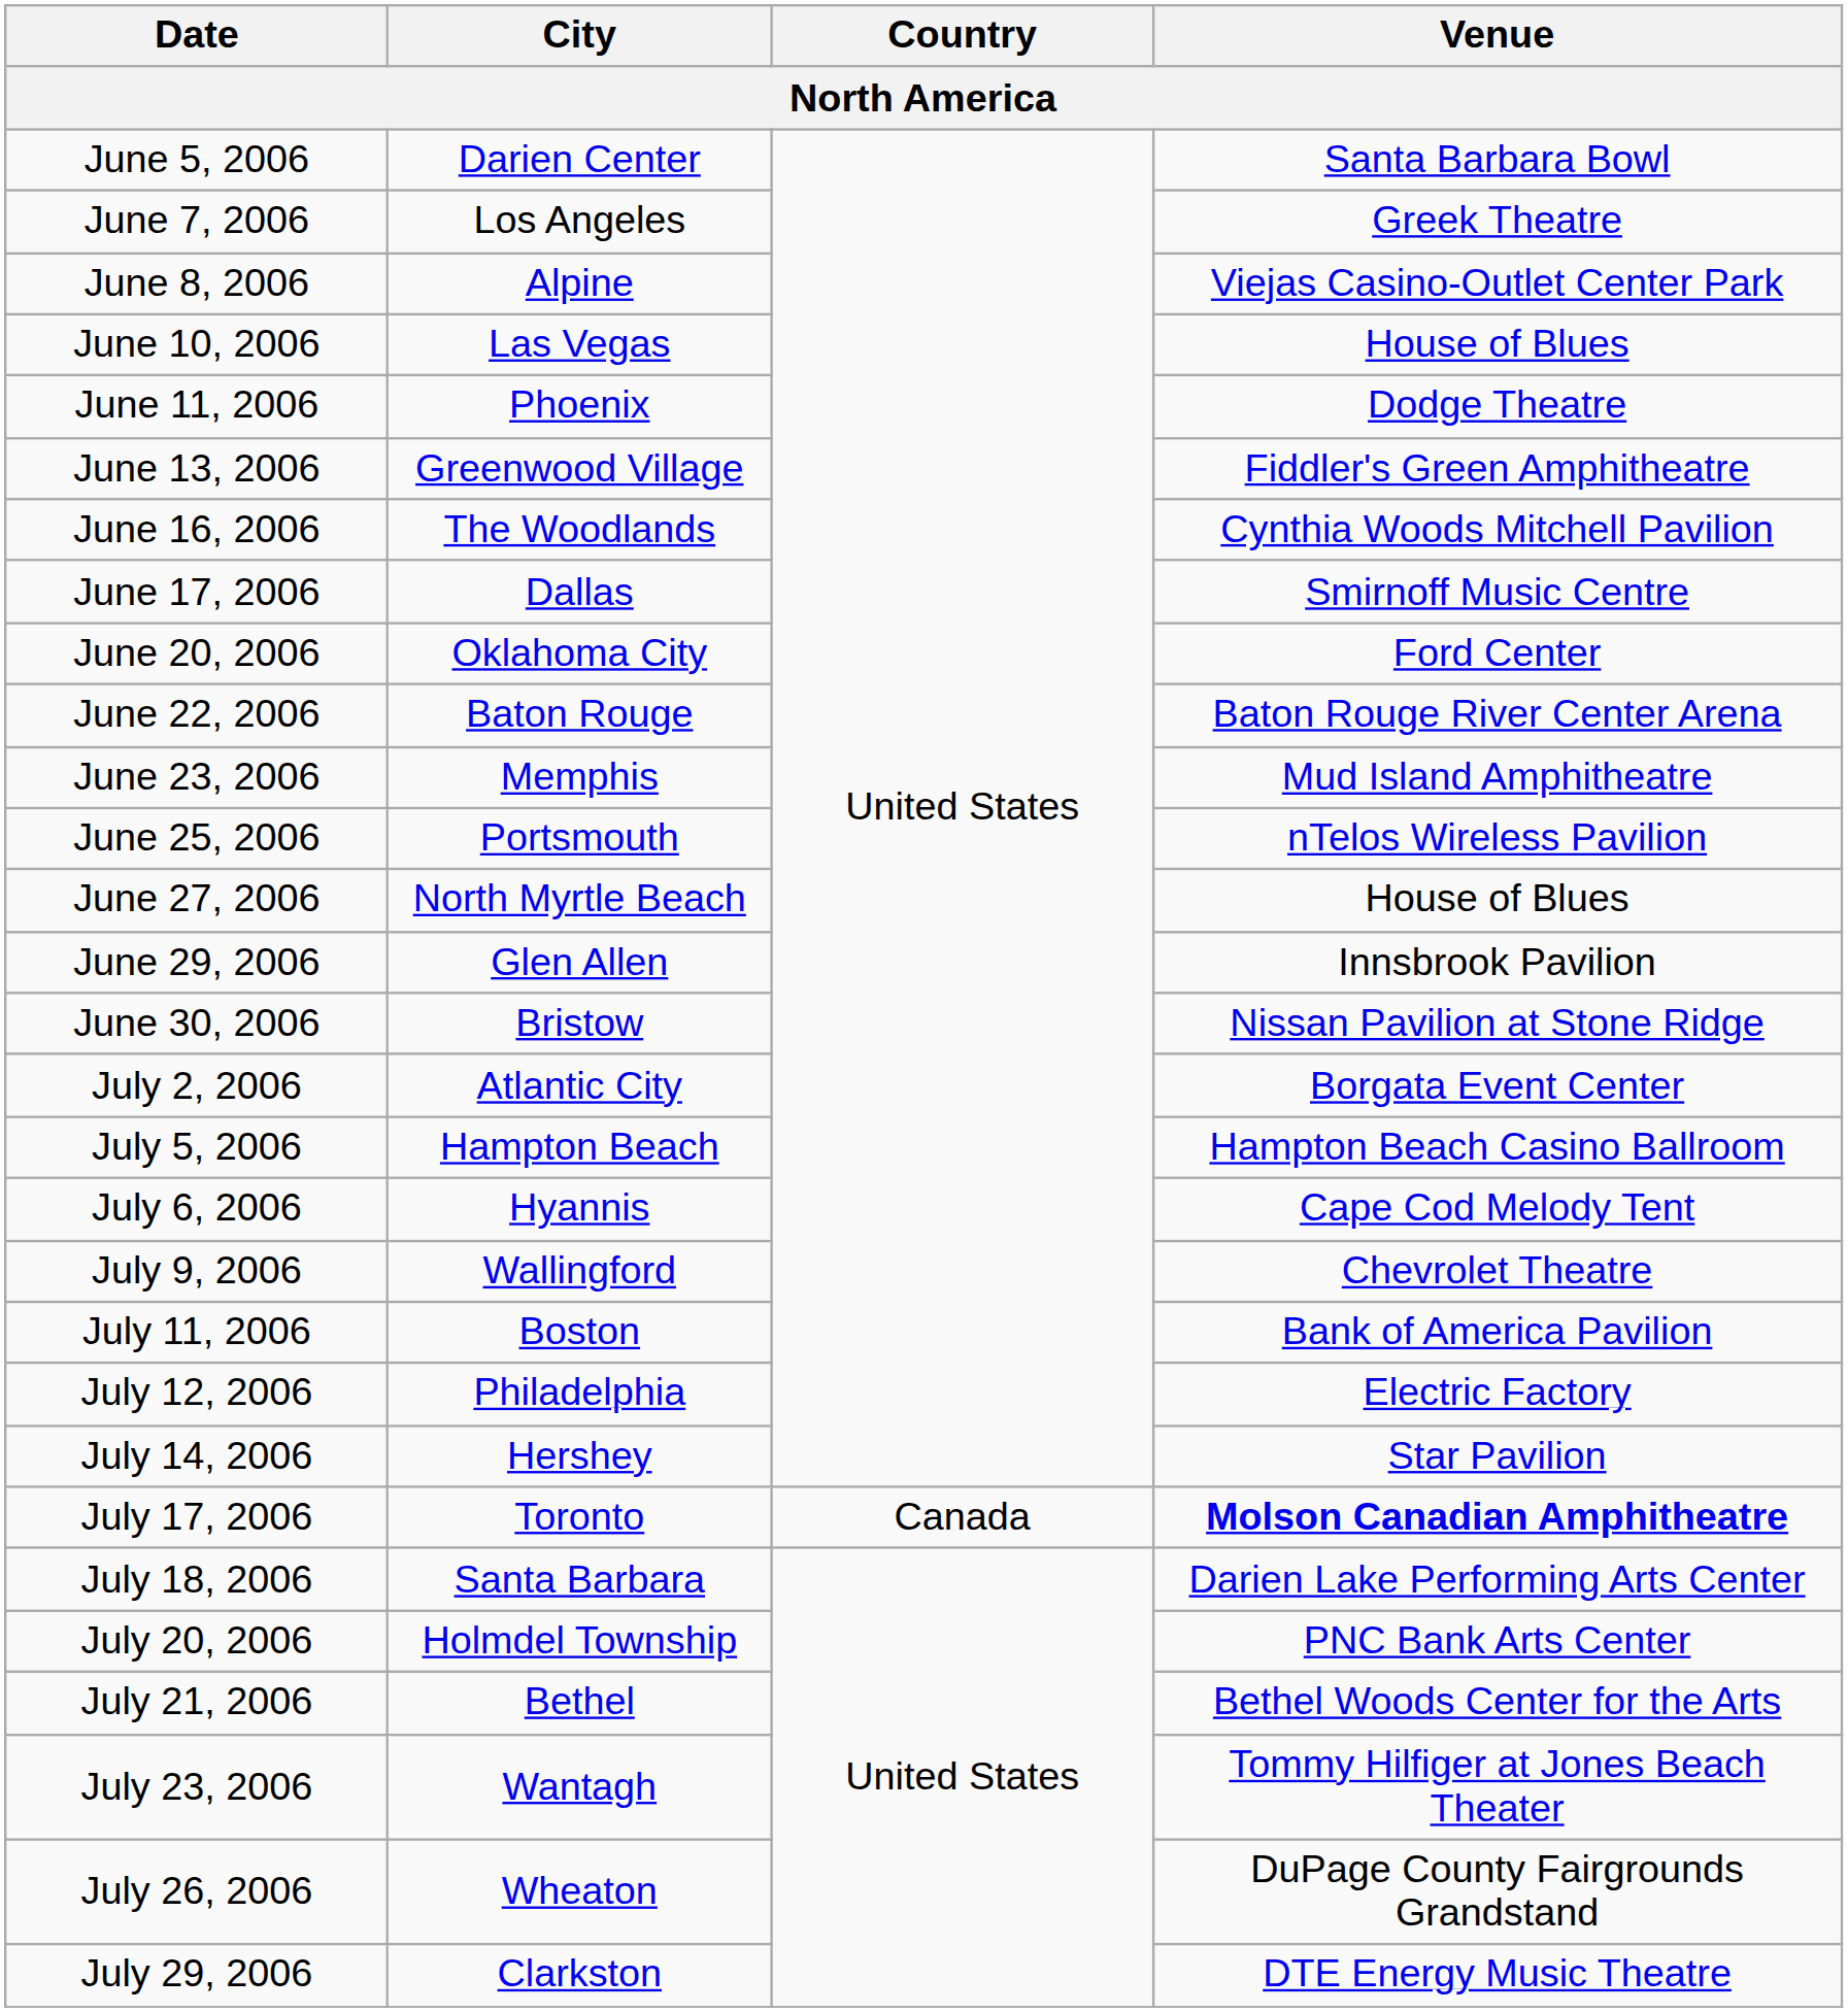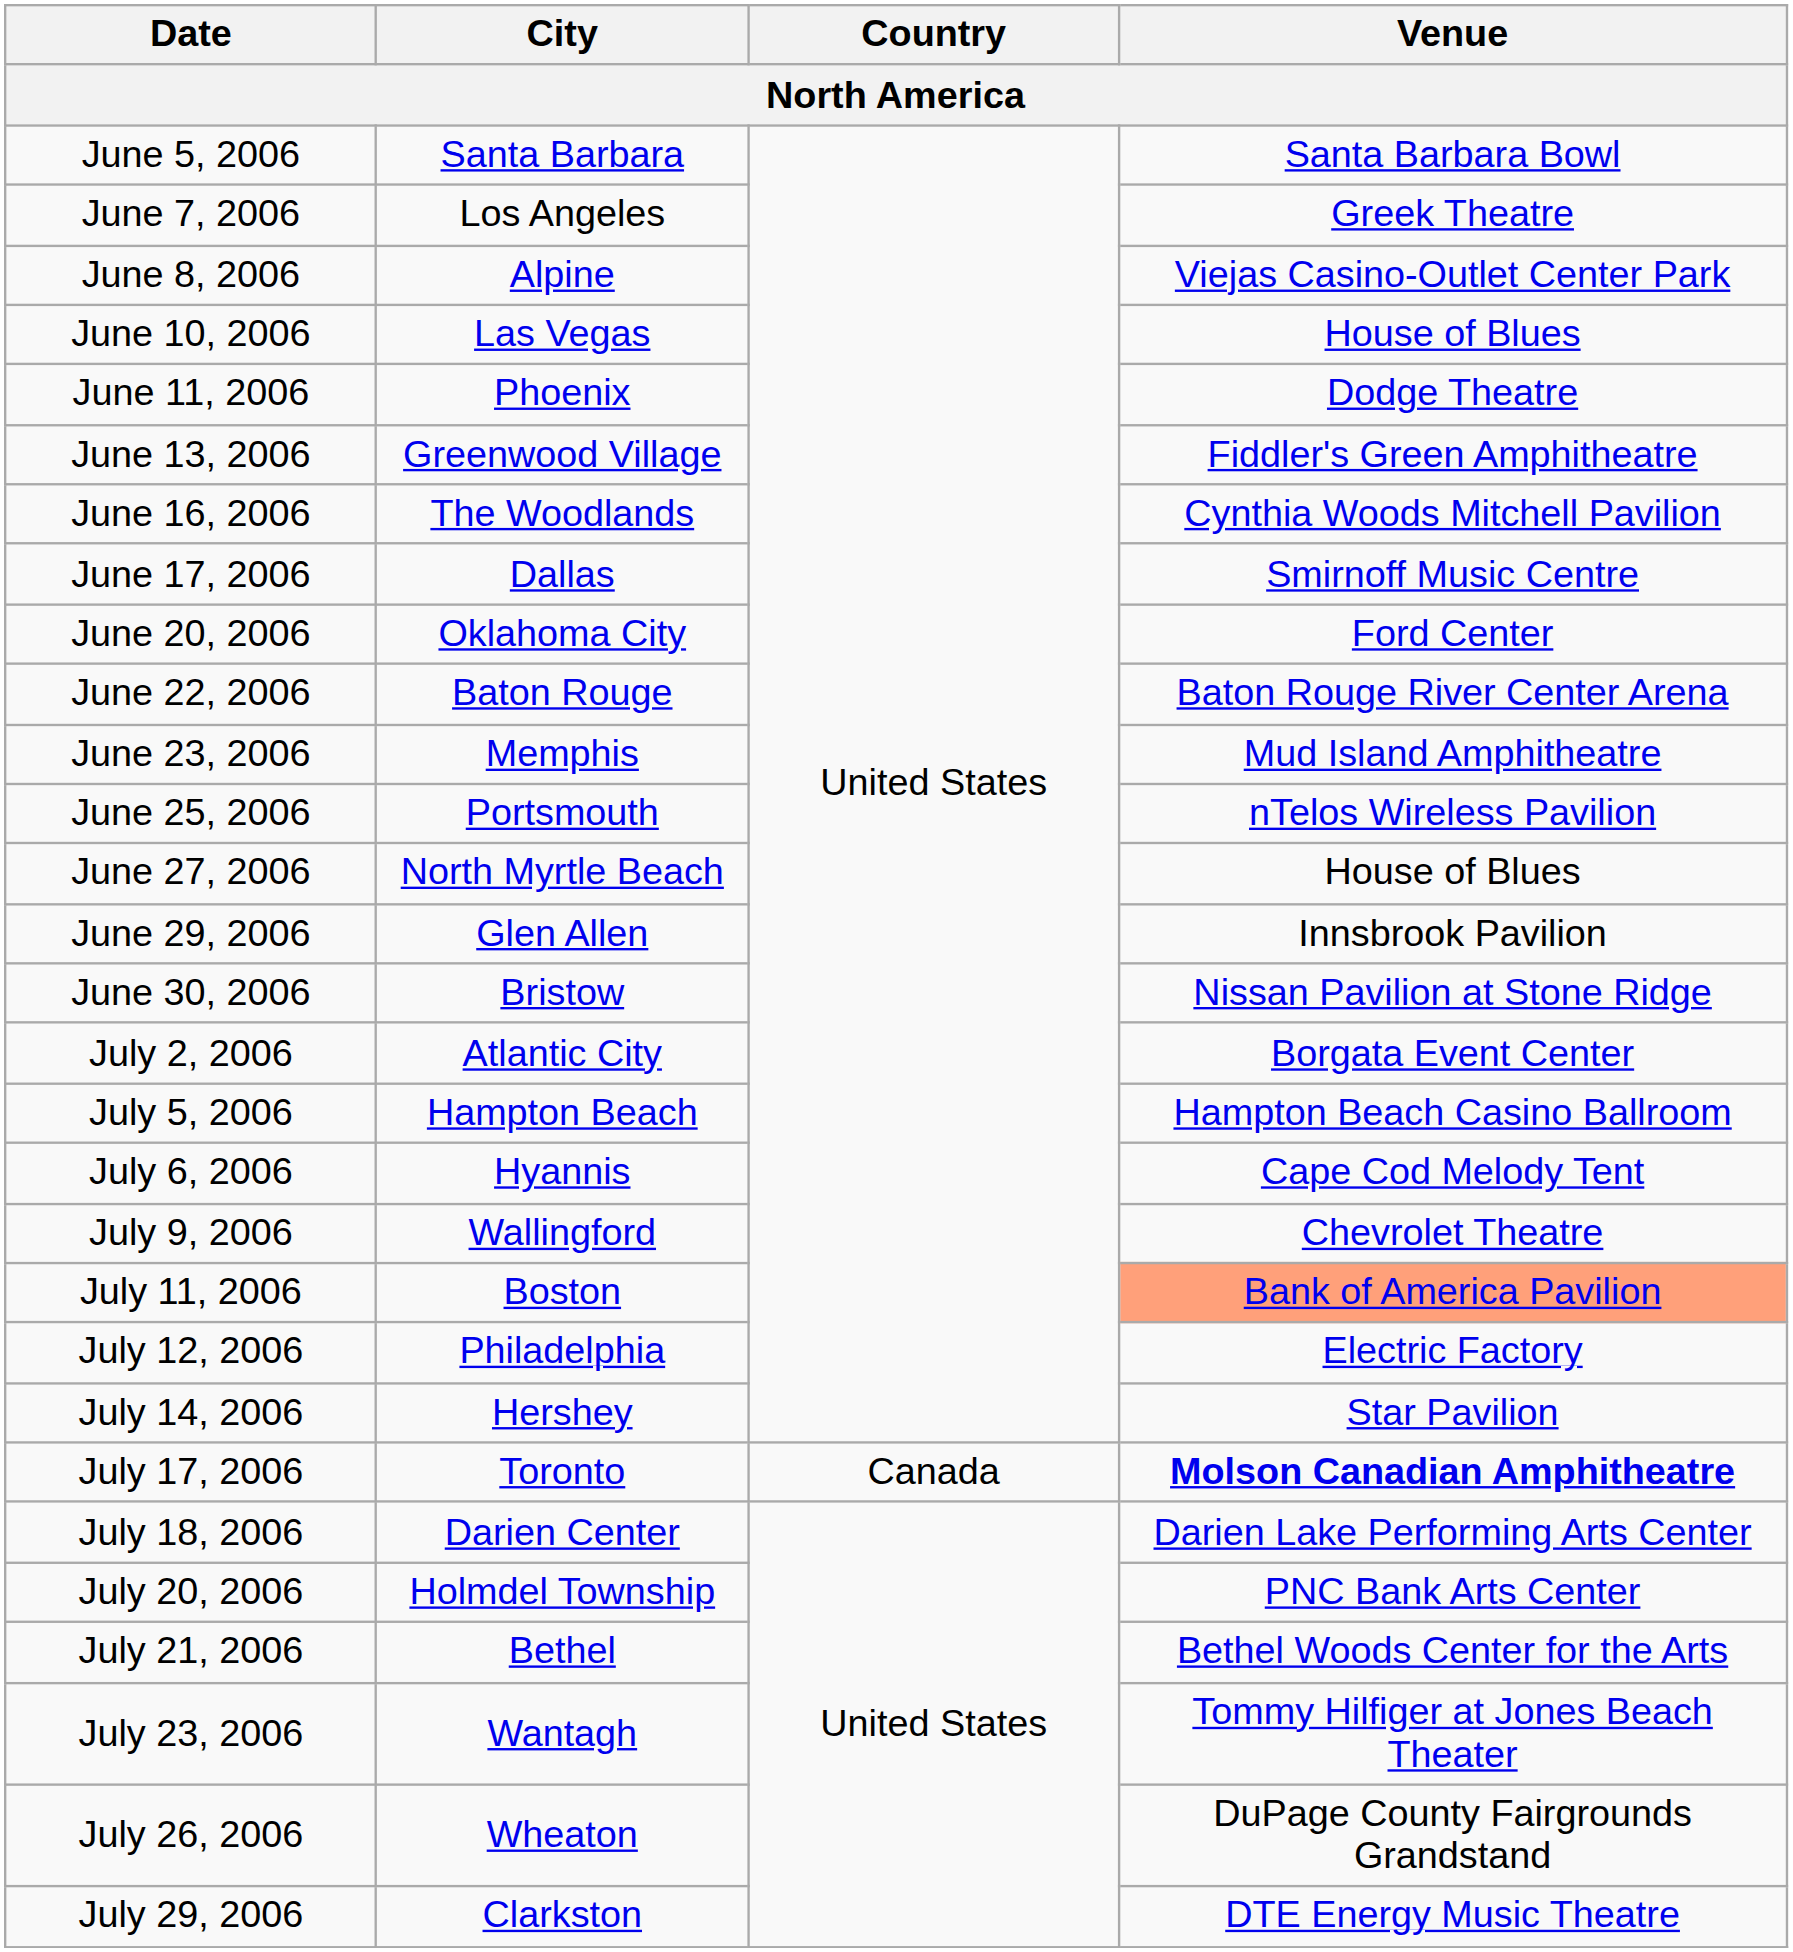 <table class="wikitable" style="text-align:center;">
 <tr>
 <th style="width:150px;">Date</th>
 <th style="width:150px;">City</th>
 <th style="width:150px;">Country</th>
 <th style="width:275px;">Venue</th>
 </tr>
 <tr>
 <th colspan="6">North America</th>
 </tr>
 <tr>
 <td>June 5, 2006</td>
-<td><a href='#'>Darien Center</a></td>
+<td><a href='#'>Santa Barbara</a></td>
 <td rowspan="22">United States</td>
 <td><a href='#'>Santa Barbara Bowl</a></td>
 </tr>
 <tr>
 <td>June 7, 2006</td>
 <td>Los Angeles</td>
 <td><a href='#'>Greek Theatre</a></td>
 </tr>
 <tr>
 <td>June 8, 2006</td>
 <td><a href='#'>Alpine</a></td>
 <td><a href='#'>Viejas Casino-Outlet Center Park</a></td>
 </tr>
 <tr>
 <td>June 10, 2006</td>
 <td><a href='#'>Las Vegas</a></td>
 <td><a href='#'>House of Blues</a></td>
 </tr>
 <tr>
 <td>June 11, 2006</td>
 <td><a href='#'>Phoenix</a></td>
 <td><a href='#'>Dodge Theatre</a></td>
 </tr>
 <tr>
 <td>June 13, 2006</td>
 <td><a href='#'>Greenwood Village</a></td>
 <td><a href='#'>Fiddler's Green Amphitheatre</a></td>
 </tr>
 <tr>
 <td>June 16, 2006</td>
 <td><a href='#'>The Woodlands</a></td>
 <td><a href='#'>Cynthia Woods Mitchell Pavilion</a></td>
 </tr>
 <tr>
 <td>June 17, 2006</td>
 <td><a href='#'>Dallas</a></td>
 <td><a href='#'>Smirnoff Music Centre</a></td>
 </tr>
 <tr>
 <td>June 20, 2006</td>
 <td><a href='#'>Oklahoma City</a></td>
 <td><a href='#'>Ford Center</a></td>
 </tr>
 <tr>
 <td>June 22, 2006</td>
 <td><a href='#'>Baton Rouge</a></td>
 <td><a href='#'>Baton Rouge River Center Arena</a></td>
 </tr>
 <tr>
 <td>June 23, 2006</td>
 <td><a href='#'>Memphis</a></td>
 <td><a href='#'>Mud Island Amphitheatre</a></td>
 </tr>
 <tr>
 <td>June 25, 2006</td>
 <td><a href='#'>Portsmouth</a></td>
 <td><a href='#'>nTelos Wireless Pavilion</a></td>
 </tr>
 <tr>
 <td>June 27, 2006</td>
 <td><a href='#'>North Myrtle Beach</a></td>
 <td>House of Blues</td>
 </tr>
 <tr>
 <td>June 29, 2006</td>
 <td><a href='#'>Glen Allen</a></td>
 <td>Innsbrook Pavilion</td>
 </tr>
 <tr>
 <td>June 30, 2006</td>
 <td><a href='#'>Bristow</a></td>
 <td><a href='#'>Nissan Pavilion at Stone Ridge</a></td>
 </tr>
 <tr>
 <td>July 2, 2006</td>
 <td><a href='#'>Atlantic City</a></td>
 <td><a href='#'>Borgata Event Center</a></td>
 </tr>
 <tr>
 <td>July 5, 2006</td>
 <td><a href='#'>Hampton Beach</a></td>
 <td><a href='#'>Hampton Beach Casino Ballroom</a></td>
 </tr>
 <tr>
 <td>July 6, 2006</td>
 <td><a href='#'>Hyannis</a></td>
 <td><a href='#'>Cape Cod Melody Tent</a></td>
 </tr>
 <tr>
 <td>July 9, 2006</td>
 <td><a href='#'>Wallingford</a></td>
 <td><a href='#'>Chevrolet Theatre</a></td>
 </tr>
 <tr>
 <td>July 11, 2006</td>
 <td><a href='#'>Boston</a></td>
-<td><a href='#'>Bank of America Pavilion</a></td>
+<td style="background: lightsalmon;"><a href='#'>Bank of America Pavilion</a></td>
 </tr>
 <tr>
 <td>July 12, 2006</td>
 <td><a href='#'>Philadelphia</a></td>
 <td><a href='#'>Electric Factory</a></td>
 </tr>
 <tr>
 <td>July 14, 2006</td>
 <td><a href='#'>Hershey</a></td>
 <td><a href='#'>Star Pavilion</a></td>
 </tr>
 <tr>
 <td>July 17, 2006</td>
 <td><a href='#'>Toronto</a></td>
 <td>Canada</td>
 <td><strong><a href='#'>Molson Canadian Amphitheatre</a></strong></td>
 </tr>
 <tr>
 <td>July 18, 2006</td>
-<td><a href='#'>Santa Barbara</a></td>
+<td><a href='#'>Darien Center</a></td>
 <td rowspan="6">United States</td>
 <td><a href='#'>Darien Lake Performing Arts Center</a></td>
 </tr>
 <tr>
 <td>July 20, 2006</td>
 <td><a href='#'>Holmdel Township</a></td>
 <td><a href='#'>PNC Bank Arts Center</a></td>
 </tr>
 <tr>
 <td>July 21, 2006</td>
 <td><a href='#'>Bethel</a></td>
 <td><a href='#'>Bethel Woods Center for the Arts</a></td>
 </tr>
 <tr>
 <td>July 23, 2006</td>
 <td><a href='#'>Wantagh</a></td>
 <td><a href='#'>Tommy Hilfiger at Jones Beach Theater</a></td>
 </tr>
 <tr>
 <td>July 26, 2006</td>
 <td><a href='#'>Wheaton</a></td>
 <td>DuPage County Fairgrounds Grandstand</td>
 </tr>
 <tr>
 <td>July 29, 2006</td>
 <td><a href='#'>Clarkston</a></td>
 <td><a href='#'>DTE Energy Music Theatre</a></td>
 </tr>
 <tr>
 </tr>
 </table>
